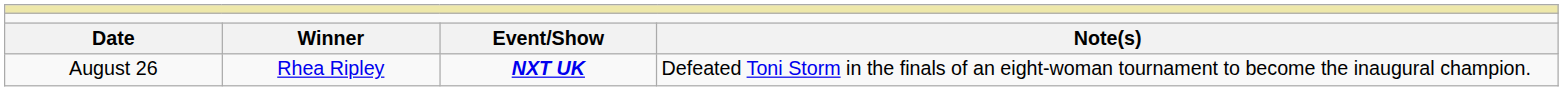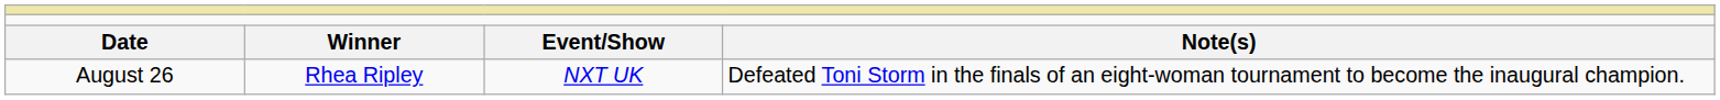 <table class="wikitable" style="text-align:center; width:100%;">
 <tr style="background:#EEE8AA;">
 <td colspan="5"></td>
 </tr>
 <tr>
 <td colspan="5"><strong></strong></td>
 </tr>
 <tr>
 <th width=14%>Date</th>
 <th width=14%>Winner</th>
 <th width=14%>Event/Show</th>
 <th width=58%>Note(s)</th>
 </tr>
 <tr>
 <td>August 26<br></td>
 <td><a href='#'>Rhea Ripley</a></td>
-<td><strong><em><a href='#'>NXT UK</a></em></strong></td>
+<td><em><a href='#'>NXT UK</a></em></td>
 <td style="text-align:left;">Defeated <a href='#'>Toni Storm</a> in the finals of an eight-woman tournament to become the inaugural champion.</td>
 </tr>
 </table>
